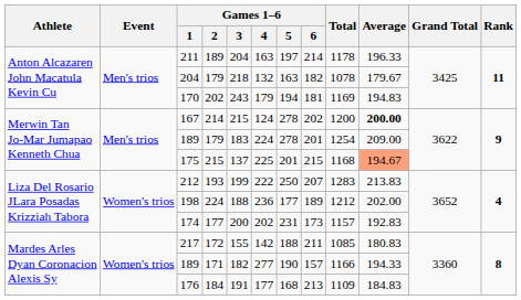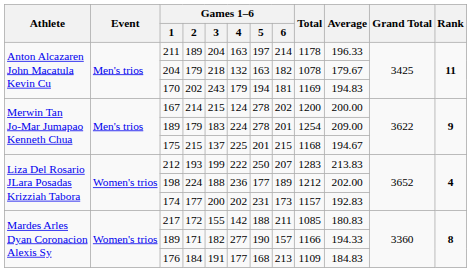 <table class="wikitable" style="font-size:90%;">
 <tr>
 <th rowspan=2>Athlete</th>
 <th rowspan=2>Event</th>
 <th colspan=6>Games 1–6</th>
 <th rowspan=2>Total</th>
 <th rowspan=2>Average</th>
 <th rowspan=2>Grand Total</th>
 <th rowspan=2>Rank</th>
 </tr>
 <tr>
 <th>1</th>
 <th>2</th>
 <th>3</th>
 <th>4</th>
 <th>5</th>
 <th>6</th>
 </tr>
 <tr>
 <td rowspan=3><a href='#'>Anton Alcazaren</a><br><a href='#'>John Macatula</a><br><a href='#'>Kevin Cu</a></td>
 <td rowspan=3><a href='#'>Men's trios</a></td>
 <td align=center>211</td>
 <td align=center>189</td>
 <td align=center>204</td>
 <td align=center>163</td>
 <td align=center>197</td>
 <td align=center>214</td>
 <td align=center>1178</td>
 <td align=center>196.33</td>
 <td style="text-align:center;" rowspan="3">3425</td>
 <td style="text-align:center;" rowspan="3"><strong>11</strong></td>
 </tr>
 <tr>
 <td align=center>204</td>
 <td align=center>179</td>
 <td align=center>218</td>
 <td align=center>132</td>
 <td align=center>163</td>
 <td align=center>182</td>
 <td align=center>1078</td>
 <td align=center>179.67</td>
 </tr>
 <tr>
 <td align=center>170</td>
 <td align=center>202</td>
 <td align=center>243</td>
 <td align=center>179</td>
 <td align=center>194</td>
 <td align=center>181</td>
 <td align=center>1169</td>
 <td align=center>194.83</td>
 </tr>
 <tr>
 <td rowspan=3><a href='#'>Merwin Tan</a><br><a href='#'>Jo-Mar Jumapao</a><br><a href='#'>Kenneth Chua</a></td>
 <td rowspan=3><a href='#'>Men's trios</a></td>
 <td align=center>167</td>
 <td align=center>214</td>
 <td align=center>215</td>
 <td align=center>124</td>
 <td align=center>278</td>
 <td align=center>202</td>
 <td align=center>1200</td>
-<td align=center><strong>200.00</strong></td>
+<td align=center>200.00</td>
 <td style="text-align:center;" rowspan="3">3622</td>
 <td style="text-align:center;" rowspan="3"><strong>9</strong></td>
 </tr>
 <tr>
 <td align=center>189</td>
 <td align=center>179</td>
 <td align=center>183</td>
 <td align=center>224</td>
 <td align=center>278</td>
 <td align=center>201</td>
 <td align=center>1254</td>
 <td align=center>209.00</td>
 </tr>
 <tr>
 <td align=center>175</td>
 <td align=center>215</td>
 <td align=center>137</td>
 <td align=center>225</td>
 <td align=center>201</td>
 <td align=center>215</td>
 <td align=center>1168</td>
-<td align=center style="background: lightsalmon;">194.67</td>
+<td align=center>194.67</td>
 </tr>
 <tr>
 <td rowspan=3><a href='#'>Liza Del Rosario</a><br><a href='#'>JLara Posadas</a><br><a href='#'>Krizziah Tabora</a></td>
 <td rowspan=3><a href='#'>Women's trios</a></td>
 <td align=center>212</td>
 <td align=center>193</td>
 <td align=center>199</td>
 <td align=center>222</td>
 <td align=center>250</td>
 <td align=center>207</td>
 <td align=center>1283</td>
 <td align=center>213.83</td>
 <td style="text-align:center;" rowspan="3">3652</td>
 <td style="text-align:center;" rowspan="3"><strong>4</strong></td>
 </tr>
 <tr>
 <td align=center>198</td>
 <td align=center>224</td>
 <td align=center>188</td>
 <td align=center>236</td>
 <td align=center>177</td>
 <td align=center>189</td>
 <td align=center>1212</td>
 <td align=center>202.00</td>
 </tr>
 <tr>
 <td align=center>174</td>
 <td align=center>177</td>
 <td align=center>200</td>
 <td align=center>202</td>
 <td align=center>231</td>
 <td align=center>173</td>
 <td align=center>1157</td>
 <td align=center>192.83</td>
 </tr>
 <tr>
 <td rowspan=3><a href='#'>Mardes Arles</a><br><a href='#'>Dyan Coronacion</a><br><a href='#'>Alexis Sy</a></td>
 <td rowspan=3><a href='#'>Women's trios</a></td>
 <td align=center>217</td>
 <td align=center>172</td>
 <td align=center>155</td>
 <td align=center>142</td>
 <td align=center>188</td>
 <td align=center>211</td>
 <td align=center>1085</td>
 <td align=center>180.83</td>
 <td style="text-align:center;" rowspan="3">3360</td>
 <td style="text-align:center;" rowspan="3"><strong>8</strong></td>
 </tr>
 <tr>
 <td align=center>189</td>
 <td align=center>171</td>
 <td align=center>182</td>
 <td align=center>277</td>
 <td align=center>190</td>
 <td align=center>157</td>
 <td align=center>1166</td>
 <td align=center>194.33</td>
 </tr>
 <tr>
 <td align=center>176</td>
 <td align=center>184</td>
 <td align=center>191</td>
 <td align=center>177</td>
 <td align=center>168</td>
 <td align=center>213</td>
 <td align=center>1109</td>
 <td align=center>184.83</td>
 </tr>
 </table>
